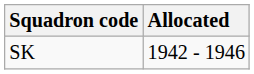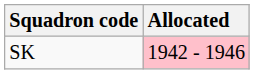 <table class="wikitable">
 <tr>
 <th style="text-align: left;">Squadron code</th>
 <th style="text-align: left;">Allocated</th>
 </tr>
 <tr>
 <td>SK</td>
-<td>1942 - 1946</td>
+<td style="background: pink;">1942 - 1946</td>
 </tr>
 </table>
